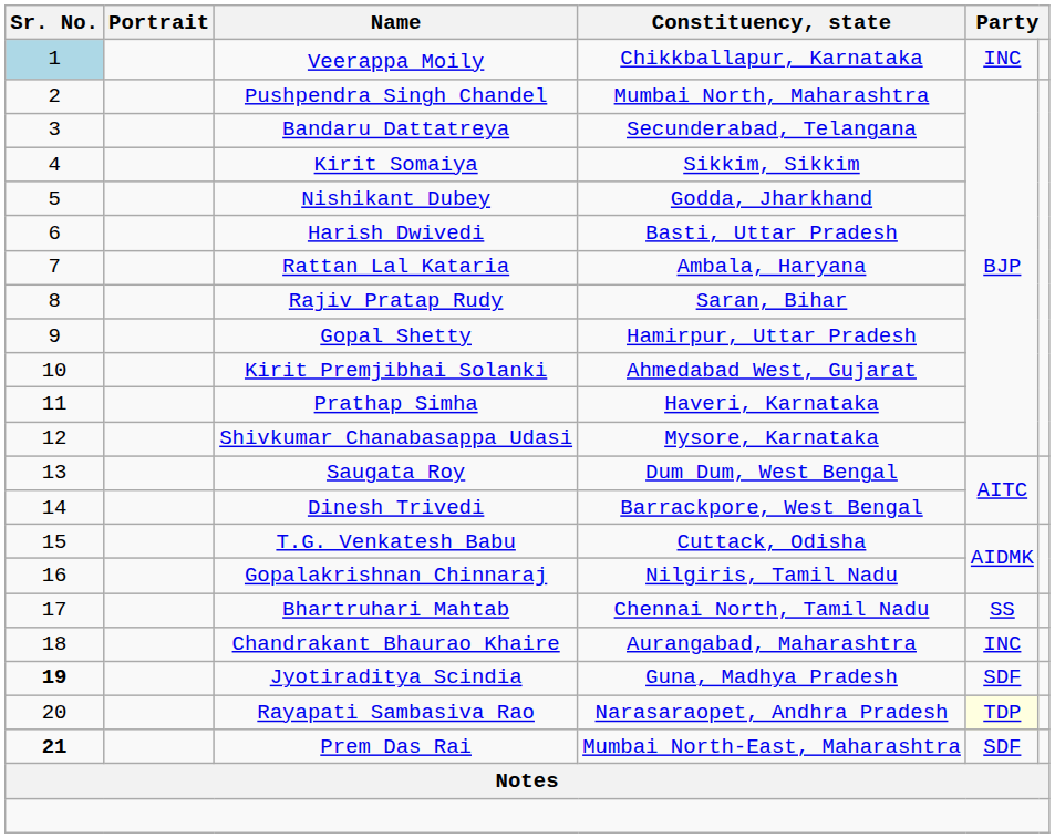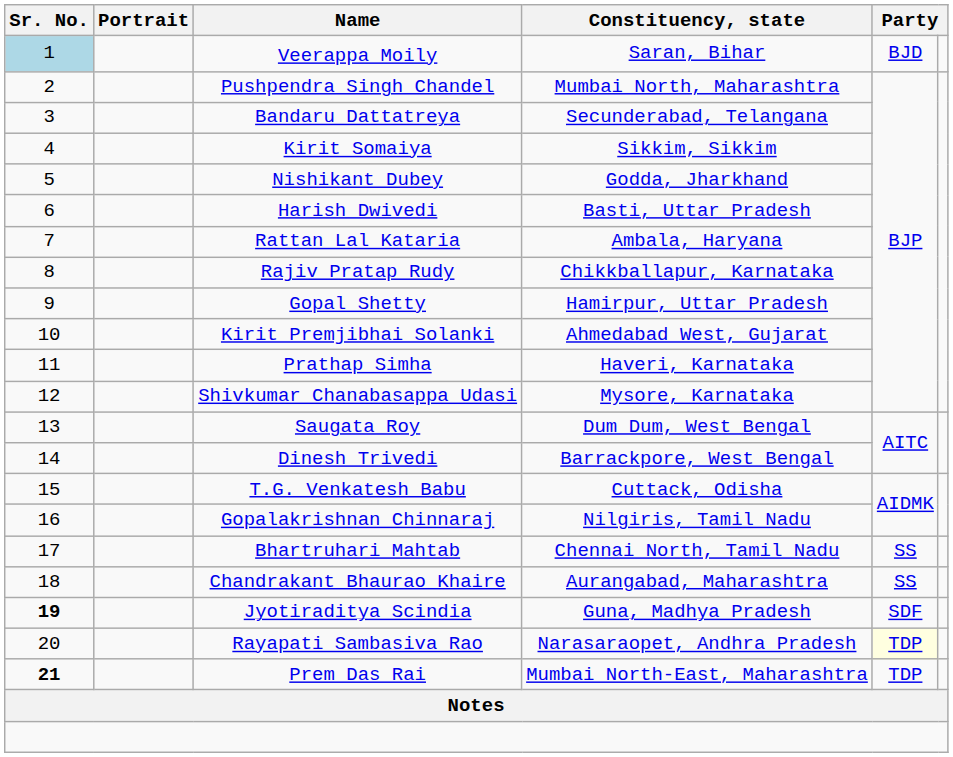 <table class="wikitable">
 <tr>
 <th>Sr. No.</th>
 <th>Portrait</th>
 <th>Name</th>
 <th>Constituency, state</th>
 <th colspan="2">Party</th>
 </tr>
 <tr align="center">
 <td style="background: lightblue;">1</td>
 <td></td>
 <td><a href='#'>Veerappa Moily</a><sup></sup></td>
-<td><a href='#'>Chikkballapur, Karnataka</a></td>
-<td><a href='#'>INC</a></td>
+<td><a href='#'>Saran, Bihar</a></td>
+<td><a href='#'>BJD</a></td>
 <td></td>
 </tr>
 <tr align="center">
 <td>2</td>
 <td></td>
 <td><a href='#'>Pushpendra Singh Chandel</a></td>
 <td><a href='#'>Mumbai North, Maharashtra</a></td>
 <td rowspan="11"><a href='#'>BJP</a></td>
 <td rowspan="11"></td>
 </tr>
 <tr align="center">
 <td>3</td>
 <td></td>
 <td><a href='#'>Bandaru Dattatreya</a></td>
 <td><a href='#'>Secunderabad, Telangana</a></td>
 </tr>
 <tr align="center">
 <td>4</td>
 <td></td>
 <td><a href='#'>Kirit Somaiya</a></td>
 <td><a href='#'>Sikkim, Sikkim</a></td>
 </tr>
 <tr align="center">
 <td>5</td>
 <td></td>
 <td><a href='#'>Nishikant Dubey</a></td>
 <td><a href='#'>Godda, Jharkhand</a></td>
 </tr>
 <tr align="center">
 <td>6</td>
 <td></td>
 <td><a href='#'>Harish Dwivedi</a></td>
 <td><a href='#'>Basti, Uttar Pradesh</a></td>
 </tr>
 <tr align="center">
 <td>7</td>
 <td></td>
 <td><a href='#'>Rattan Lal Kataria</a></td>
 <td><a href='#'>Ambala, Haryana</a></td>
 </tr>
 <tr align="center">
 <td>8</td>
 <td></td>
 <td><a href='#'>Rajiv Pratap Rudy</a></td>
-<td><a href='#'>Saran, Bihar</a></td>
+<td><a href='#'>Chikkballapur, Karnataka</a></td>
 </tr>
 <tr align="center">
 <td>9</td>
 <td></td>
 <td><a href='#'>Gopal Shetty</a></td>
 <td><a href='#'>Hamirpur, Uttar Pradesh</a></td>
 </tr>
 <tr align="center">
 <td>10</td>
 <td></td>
 <td><a href='#'>Kirit Premjibhai Solanki</a></td>
 <td><a href='#'>Ahmedabad West, Gujarat</a></td>
 </tr>
 <tr align="center">
 <td>11</td>
 <td></td>
 <td><a href='#'>Prathap Simha</a></td>
 <td><a href='#'>Haveri, Karnataka</a></td>
 </tr>
 <tr align="center">
 <td>12</td>
 <td></td>
 <td><a href='#'>Shivkumar Chanabasappa Udasi</a></td>
 <td><a href='#'>Mysore, Karnataka</a></td>
 </tr>
 <tr align="center">
 <td>13</td>
 <td></td>
 <td><a href='#'>Saugata Roy</a></td>
 <td><a href='#'>Dum Dum, West Bengal</a></td>
 <td rowspan="2"><a href='#'>AITC</a></td>
 <td rowspan="2"></td>
 </tr>
 <tr align="center">
 <td>14</td>
 <td></td>
 <td><a href='#'>Dinesh Trivedi</a></td>
 <td><a href='#'>Barrackpore, West Bengal</a></td>
 </tr>
 <tr align="center">
 <td>15</td>
 <td></td>
 <td><a href='#'>T.G. Venkatesh Babu</a></td>
 <td><a href='#'>Cuttack, Odisha</a></td>
 <td rowspan="2"><a href='#'>AIDMK</a></td>
 <td rowspan="2"></td>
 </tr>
 <tr align="center">
 <td>16</td>
 <td></td>
 <td><a href='#'>Gopalakrishnan Chinnaraj</a></td>
 <td><a href='#'>Nilgiris, Tamil Nadu</a></td>
 </tr>
 <tr align="center">
 <td>17</td>
 <td></td>
 <td><a href='#'>Bhartruhari Mahtab</a></td>
 <td><a href='#'>Chennai North, Tamil Nadu</a></td>
 <td><a href='#'>SS</a></td>
 <td></td>
 </tr>
 <tr align="center">
 <td>18</td>
 <td></td>
 <td><a href='#'>Chandrakant Bhaurao Khaire</a></td>
 <td><a href='#'>Aurangabad, Maharashtra</a></td>
-<td><a href='#'>INC</a></td>
+<td><a href='#'>SS</a></td>
 <td></td>
 </tr>
 <tr align="center">
 <td><strong>19</strong></td>
 <td></td>
 <td><a href='#'>Jyotiraditya Scindia</a></td>
 <td><a href='#'>Guna, Madhya Pradesh</a></td>
 <td><a href='#'>SDF</a></td>
 <td></td>
 </tr>
 <tr align="center">
 <td>20</td>
 <td></td>
 <td><a href='#'>Rayapati Sambasiva Rao</a></td>
 <td><a href='#'>Narasaraopet, Andhra Pradesh</a></td>
 <td style="background: lightyellow;"><a href='#'>TDP</a></td>
 <td></td>
 </tr>
 <tr align="center">
 <td><strong>21</strong></td>
 <td></td>
 <td><a href='#'>Prem Das Rai</a></td>
 <td><a href='#'>Mumbai North-East, Maharashtra</a></td>
-<td><a href='#'>SDF</a></td>
+<td><a href='#'>TDP</a></td>
 <td></td>
 </tr>
 <tr align="center">
 <th colspan="6">Notes</th>
 </tr>
 <tr align="center">
 <td colspan="6"><br></td>
 </tr>
 </table>
